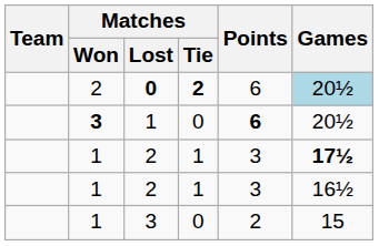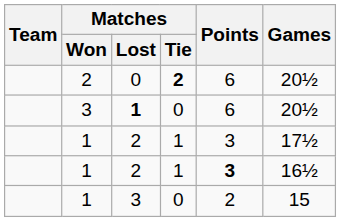 <table class="wikitable" style="text-align:center">
 <tr>
 <th rowspan=2>Team</th>
 <th colspan=3>Matches</th>
 <th rowspan=2>Points</th>
 <th rowspan=2>Games</th>
 </tr>
 <tr>
 <th>Won</th>
 <th>Lost</th>
 <th>Tie</th>
 </tr>
 <tr>
 <td align=left></td>
 <td>2</td>
-<td><strong>0</strong></td>
+<td>0</td>
 <td><strong>2</strong></td>
 <td>6</td>
-<td style="background: lightblue;">20½</td>
+<td>20½</td>
 </tr>
 <tr>
 <td align=left></td>
-<td><strong>3</strong></td>
-<td>1</td>
+<td>3</td>
+<td><strong>1</strong></td>
 <td>0</td>
-<td><strong>6</strong></td>
+<td>6</td>
 <td>20½</td>
 </tr>
 <tr>
 <td align=left></td>
 <td>1</td>
 <td>2</td>
 <td>1</td>
 <td>3</td>
-<td><strong>17½</strong></td>
+<td>17½</td>
 </tr>
 <tr>
 <td align=left></td>
 <td>1</td>
 <td>2</td>
 <td>1</td>
-<td>3</td>
+<td><strong>3</strong></td>
 <td>16½</td>
 </tr>
 <tr>
 <td align=left></td>
 <td>1</td>
 <td>3</td>
 <td>0</td>
 <td>2</td>
 <td>15</td>
 </tr>
 </table>
